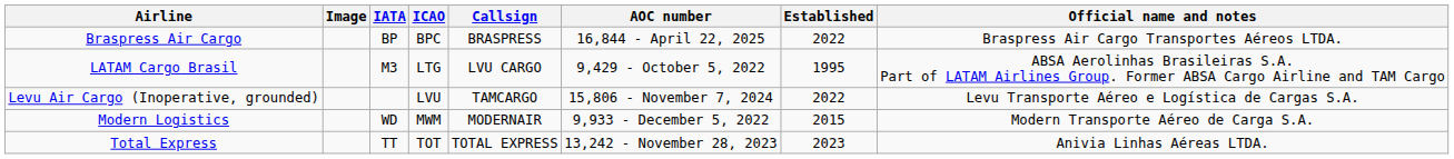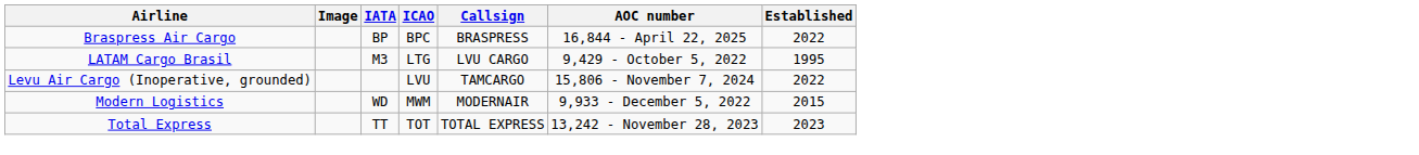 <table class="wikitable sortable" style="border: 0; cellpadding: 2; cellspacing: 3; text-align:center; width:10m;">
 <tr valign="middle">
 <th>Airline</th>
 <th>Image</th>
 <th><a href='#'>IATA</a></th>
 <th><a href='#'>ICAO</a></th>
 <th><a href='#'>Callsign</a></th>
 <th>AOC number</th>
 <th>Established</th>
-<th class="unsortable">Official name and notes</th>
 </tr>
 <tr>
 <td><a href='#'>Braspress Air Cargo</a></td>
 <td></td>
 <td>BP</td>
 <td>BPC</td>
 <td>BRASPRESS</td>
 <td>16,844 - April 22, 2025</td>
 <td>2022</td>
-<td>Braspress Air Cargo Transportes Aéreos LTDA.</td>
 </tr>
 <tr>
 <td><a href='#'>LATAM Cargo Brasil</a></td>
 <td></td>
 <td>M3</td>
 <td>LTG</td>
 <td>LVU CARGO</td>
 <td>9,429 - October 5, 2022</td>
 <td>1995</td>
-<td>ABSA Aerolinhas Brasileiras S.A.<br>Part of <a href='#'>LATAM Airlines Group</a>. Former ABSA Cargo Airline and TAM Cargo</td>
 </tr>
 <tr>
 <td><a href='#'>Levu Air Cargo</a> (Inoperative, grounded)</td>
 <td></td>
 <td></td>
 <td>LVU</td>
 <td>TAMCARGO</td>
 <td>15,806 - November 7, 2024</td>
 <td>2022</td>
-<td>Levu Transporte Aéreo e Logística de Cargas S.A.</td>
 </tr>
 <tr>
 <td><a href='#'>Modern Logistics</a></td>
 <td></td>
 <td>WD</td>
 <td>MWM</td>
 <td>MODERNAIR</td>
 <td>9,933 - December 5, 2022</td>
 <td>2015</td>
-<td>Modern Transporte Aéreo de Carga S.A.</td>
 </tr>
 <tr>
 <td><a href='#'>Total Express</a></td>
 <td></td>
 <td>TT</td>
 <td>TOT</td>
 <td>TOTAL EXPRESS</td>
 <td>13,242 - November 28, 2023</td>
 <td>2023</td>
-<td>Anivia Linhas Aéreas LTDA.</td>
 </tr>
 </table>
